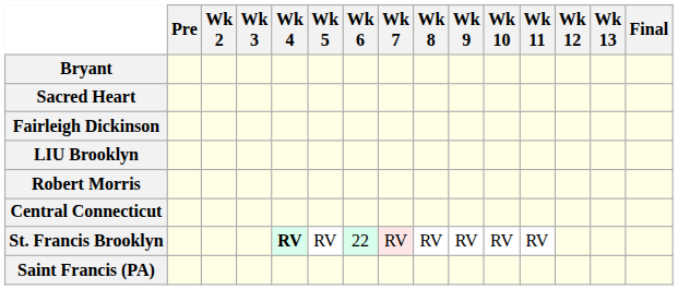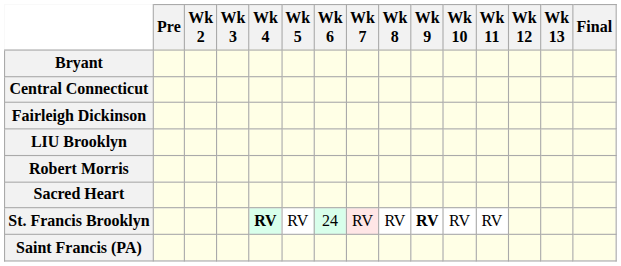 <table class="wikitable" style="white-space:nowrap;font-size:90%;">
 <tr>
 <th style="background:white; border-top-style:hidden; border-left-style:hidden;"> </th>
 <th>Pre</th>
 <th>Wk<br>2</th>
 <th>Wk<br>3</th>
 <th>Wk<br>4</th>
 <th>Wk<br>5</th>
 <th>Wk<br>6</th>
 <th>Wk<br>7</th>
 <th>Wk<br>8</th>
 <th>Wk<br>9</th>
 <th>Wk<br>10</th>
 <th>Wk<br>11</th>
 <th>Wk<br>12</th>
 <th>Wk<br>13</th>
 <th>Final</th>
 </tr>
 <tr style="text-align:center;">
 <th style="background:#">Bryant</th>
 <td style="background:#FFFFE6;"></td>
 <td style="background:#FFFFE6;"></td>
 <td style="background:#FFFFE6;"></td>
 <td style="background:#FFFFE6;"></td>
 <td style="background:#FFFFE6;"></td>
 <td style="background:#FFFFE6;"></td>
 <td style="background:#FFFFE6;"></td>
 <td style="background:#FFFFE6;"></td>
 <td style="background:#FFFFE6;"></td>
 <td style="background:#FFFFE6;"></td>
 <td style="background:#FFFFE6;"></td>
 <td style="background:#FFFFE6;"></td>
 <td style="background:#FFFFE6;"></td>
 <td style="background:#FFFFE6;"></td>
 </tr>
 <tr style="text-align:center;">
-<th style="background:#">Sacred Heart</th>
+<th style="background:#">Central Connecticut</th>
 <td style="background:#FFFFE6;"></td>
 <td style="background:#FFFFE6;"></td>
 <td style="background:#FFFFE6;"></td>
 <td style="background:#FFFFE6;"></td>
 <td style="background:#FFFFE6;"></td>
 <td style="background:#FFFFE6;"></td>
 <td style="background:#FFFFE6;"></td>
 <td style="background:#FFFFE6;"></td>
 <td style="background:#FFFFE6;"></td>
 <td style="background:#FFFFE6;"></td>
 <td style="background:#FFFFE6;"></td>
 <td style="background:#FFFFE6;"></td>
 <td style="background:#FFFFE6;"></td>
 <td style="background:#FFFFE6;"></td>
 </tr>
 <tr style="text-align:center;">
 <th style="background:#">Fairleigh Dickinson</th>
 <td style="background:#FFFFE6;"></td>
 <td style="background:#FFFFE6;"></td>
 <td style="background:#FFFFE6;"></td>
 <td style="background:#FFFFE6;"></td>
 <td style="background:#FFFFE6;"></td>
 <td style="background:#FFFFE6;"></td>
 <td style="background:#FFFFE6;"></td>
 <td style="background:#FFFFE6;"></td>
 <td style="background:#FFFFE6;"></td>
 <td style="background:#FFFFE6;"></td>
 <td style="background:#FFFFE6;"></td>
 <td style="background:#FFFFE6;"></td>
 <td style="background:#FFFFE6;"></td>
 <td style="background:#FFFFE6;"></td>
 </tr>
 <tr style="text-align:center;">
 <th style="background:#">LIU Brooklyn</th>
 <td style="background:#FFFFE6;"></td>
 <td style="background:#FFFFE6;"></td>
 <td style="background:#FFFFE6;"></td>
 <td style="background:#FFFFE6;"></td>
 <td style="background:#FFFFE6;"></td>
 <td style="background:#FFFFE6;"></td>
 <td style="background:#FFFFE6;"></td>
 <td style="background:#FFFFE6;"></td>
 <td style="background:#FFFFE6;"></td>
 <td style="background:#FFFFE6;"></td>
 <td style="background:#FFFFE6;"></td>
 <td style="background:#FFFFE6;"></td>
 <td style="background:#FFFFE6;"></td>
 <td style="background:#FFFFE6;"></td>
 </tr>
 <tr style="text-align:center;">
 <th style="background:#">Robert Morris</th>
 <td style="background:#FFFFE6;"></td>
 <td style="background:#FFFFE6;"></td>
 <td style="background:#FFFFE6;"></td>
 <td style="background:#FFFFE6;"></td>
 <td style="background:#FFFFE6;"></td>
 <td style="background:#FFFFE6;"></td>
 <td style="background:#FFFFE6;"></td>
 <td style="background:#FFFFE6;"></td>
 <td style="background:#FFFFE6;"></td>
 <td style="background:#FFFFE6;"></td>
 <td style="background:#FFFFE6;"></td>
 <td style="background:#FFFFE6;"></td>
 <td style="background:#FFFFE6;"></td>
 <td style="background:#FFFFE6;"></td>
 </tr>
 <tr style="text-align:center;">
-<th style="background:#">Central Connecticut</th>
+<th style="background:#">Sacred Heart</th>
 <td style="background:#FFFFE6;"></td>
 <td style="background:#FFFFE6;"></td>
 <td style="background:#FFFFE6;"></td>
 <td style="background:#FFFFE6;"></td>
 <td style="background:#FFFFE6;"></td>
 <td style="background:#FFFFE6;"></td>
 <td style="background:#FFFFE6;"></td>
 <td style="background:#FFFFE6;"></td>
 <td style="background:#FFFFE6;"></td>
 <td style="background:#FFFFE6;"></td>
 <td style="background:#FFFFE6;"></td>
 <td style="background:#FFFFE6;"></td>
 <td style="background:#FFFFE6;"></td>
 <td style="background:#FFFFE6;"></td>
 </tr>
 <tr style="text-align:center;">
 <th style="background:#">St. Francis Brooklyn</th>
 <td style="background:#FFFFE6;"></td>
 <td style="background:#FFFFE6;"></td>
 <td style="background:#FFFFE6;"></td>
 <td style="background:#D8FFEB;"><strong> RV</strong></td>
 <td style="background:#FFF;"> RV</td>
-<td style="background:#D8FFEB;"> 22</td>
+<td style="background:#D8FFEB;"> 24</td>
 <td style="background:#FFE6E6;"> RV</td>
 <td style="background:#FFF;"> RV</td>
-<td style="background:#FFF;"> RV</td>
+<td style="background:#FFF;"><strong> RV</strong></td>
 <td style="background:#FFF;"> RV</td>
 <td style="background:#FFF;"> RV</td>
 <td style="background:#FFFFE6;"></td>
 <td style="background:#FFFFE6;"></td>
 <td style="background:#FFFFE6;"></td>
 </tr>
 <tr style="text-align:center;">
 <th style="background:#">Saint Francis (PA)</th>
 <td style="background:#FFFFE6;"></td>
 <td style="background:#FFFFE6;"></td>
 <td style="background:#FFFFE6;"></td>
 <td style="background:#FFFFE6;"></td>
 <td style="background:#FFFFE6;"></td>
 <td style="background:#FFFFE6;"></td>
 <td style="background:#FFFFE6;"></td>
 <td style="background:#FFFFE6;"></td>
 <td style="background:#FFFFE6;"></td>
 <td style="background:#FFFFE6;"></td>
 <td style="background:#FFFFE6;"></td>
 <td style="background:#FFFFE6;"></td>
 <td style="background:#FFFFE6;"></td>
 <td style="background:#FFFFE6;"></td>
 </tr>
 </table>
